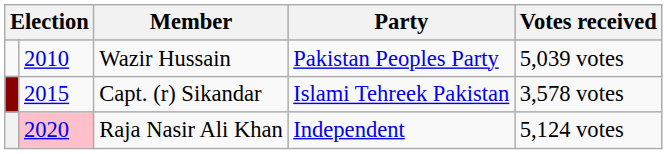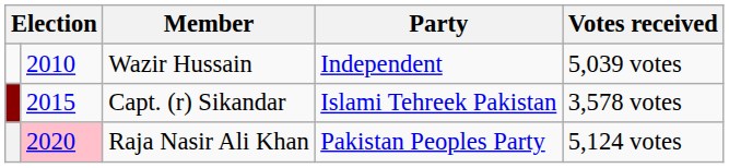 <table class="wikitable">
 <tr>
 <th colspan="2">Election</th>
 <th>Member</th>
 <th>Party</th>
 <th>Votes received</th>
 </tr>
 <tr>
 <td style="background-color: "></td>
 <td><a href='#'>2010</a></td>
 <td>Wazir Hussain</td>
-<td><a href='#'>Pakistan Peoples Party</a></td>
+<td><a href='#'>Independent</a></td>
 <td>5,039 votes</td>
 </tr>
 <tr>
 <th style="background:#880000;"></th>
 <td><a href='#'>2015</a></td>
 <td>Capt. (r) Sikandar</td>
 <td style="background-color:  "><a href='#'>Islami Tehreek Pakistan</a></td>
 <td>3,578 votes</td>
 </tr>
 <tr>
 <th></th>
 <td style="background: pink;"><a href='#'>2020</a></td>
 <td>Raja Nasir Ali Khan</td>
-<td><a href='#'>Independent</a></td>
+<td><a href='#'>Pakistan Peoples Party</a></td>
 <td>5,124 votes</td>
 </tr>
 </table>
